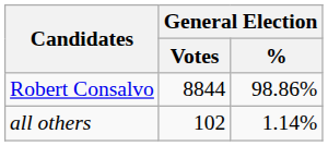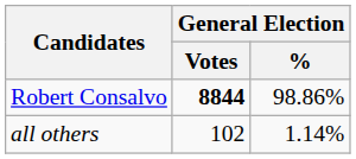 <table class=wikitable>
 <tr>
 <th colspan=1 rowspan=2><strong>Candidates</strong></th>
 <th colspan=2><strong>General Election</strong></th>
 </tr>
 <tr>
 <th>Votes</th>
 <th>%</th>
 </tr>
 <tr>
 <td><a href='#'>Robert Consalvo</a></td>
-<td align="right">8844</td>
+<td align="right"><strong>8844</strong></td>
 <td align="right">98.86%</td>
 </tr>
 <tr>
 <td><em>all others</em></td>
 <td align="right">102</td>
 <td align="right">1.14%</td>
 </tr>
 </table>
